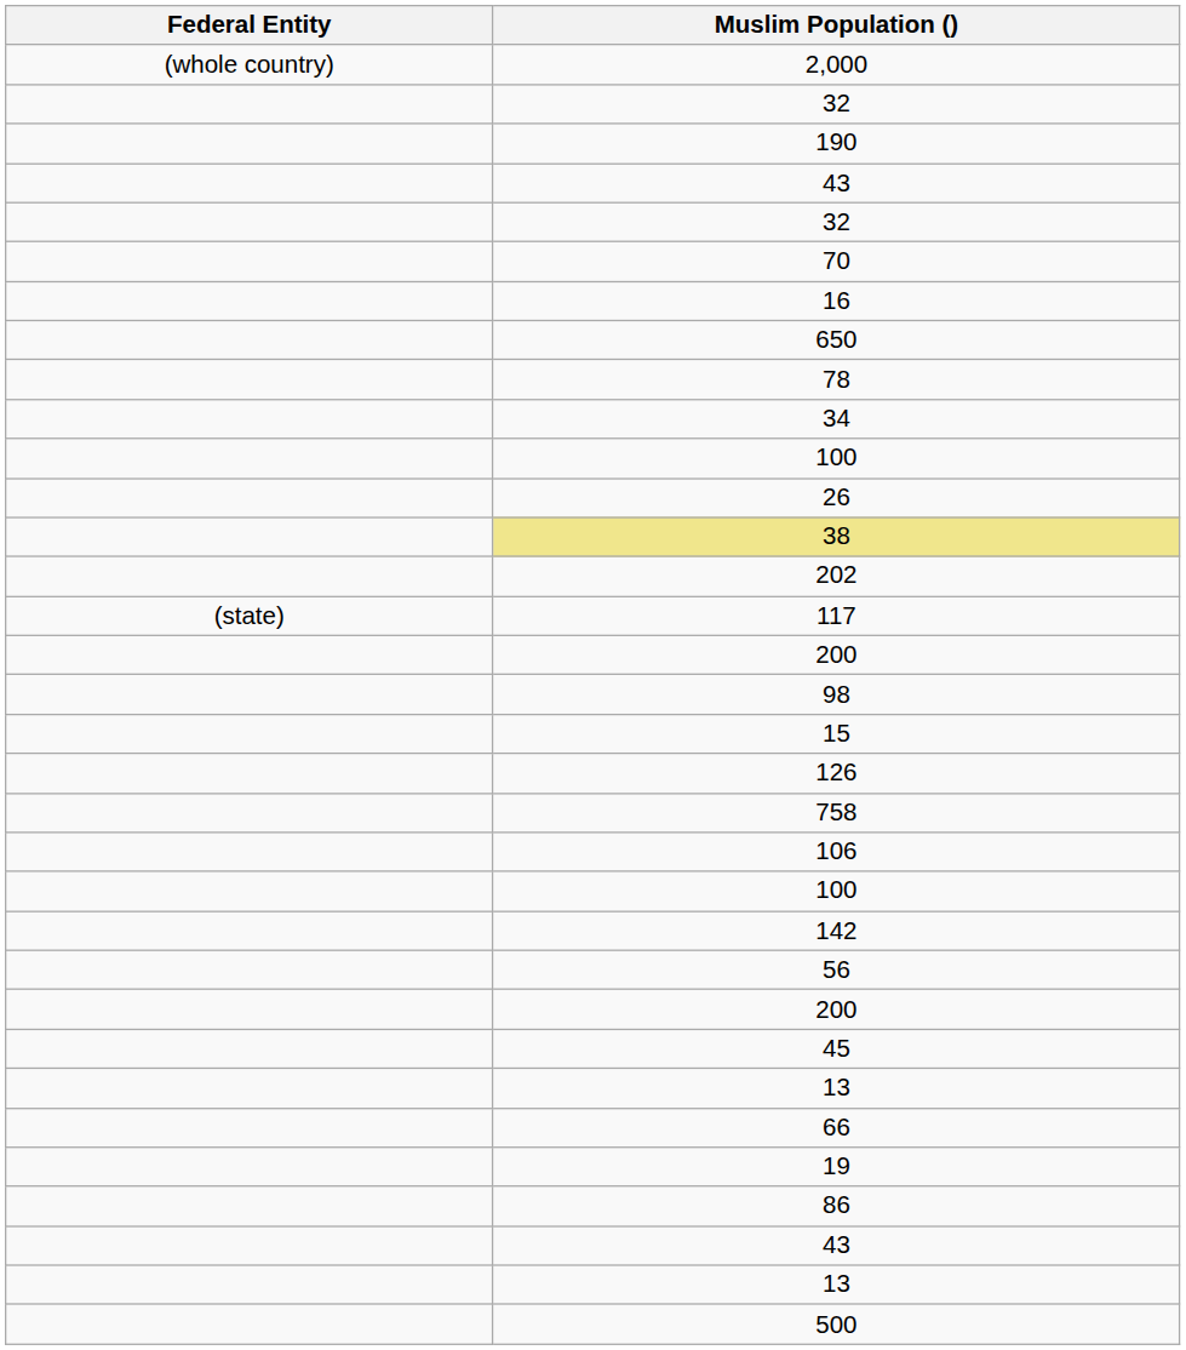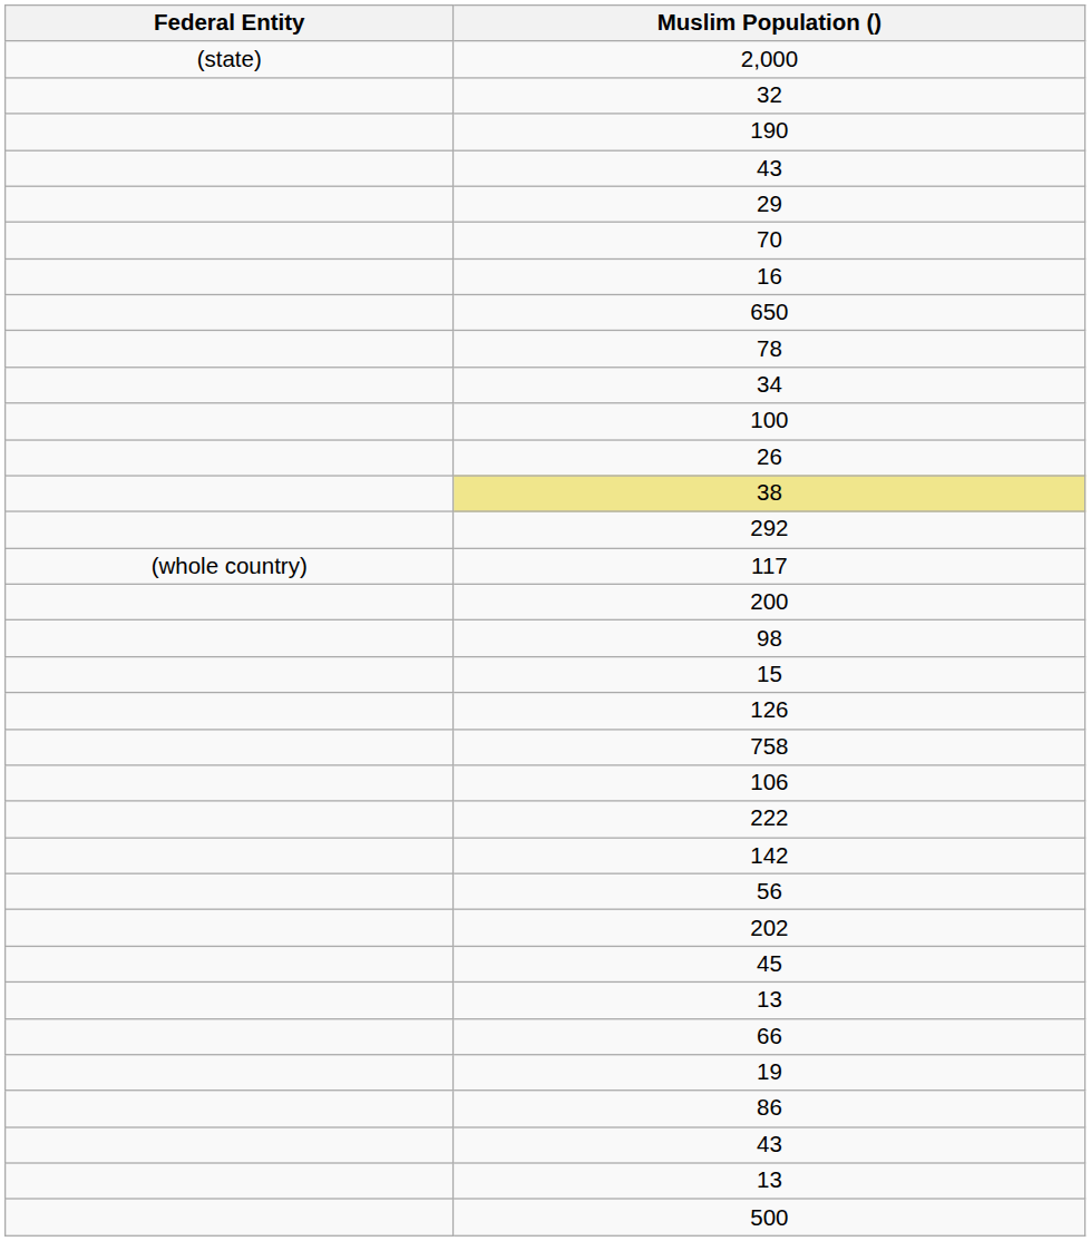 <table class="wikitable sortable" style="width:60%;">
 <tr>
 <th>Federal Entity</th>
 <th>Muslim Population ()</th>
 </tr>
 <tr>
-<td align=center> (whole country)</td>
+<td align=center> (state)</td>
 <td align=center>2,000</td>
 </tr>
 <tr>
 <td align=center></td>
 <td align=center>32</td>
 </tr>
 <tr>
 <td align=center></td>
 <td align=center>190</td>
 </tr>
 <tr>
 <td align=center></td>
 <td align=center>43</td>
 </tr>
 <tr>
 <td align=center></td>
-<td align=center>32</td>
+<td align=center>29</td>
 </tr>
 <tr>
 <td align=center></td>
 <td align=center>70</td>
 </tr>
 <tr>
 <td align=center></td>
 <td align=center>16</td>
 </tr>
 <tr>
 <td align=center></td>
 <td align=center>650</td>
 </tr>
 <tr>
 <td align=center></td>
 <td align=center>78</td>
 </tr>
 <tr>
 <td align=center></td>
 <td align=center>34</td>
 </tr>
 <tr>
 <td align=center></td>
 <td align=center>100</td>
 </tr>
 <tr>
 <td align=center></td>
 <td align=center>26</td>
 </tr>
 <tr>
 <td align=center></td>
 <td align=center style="background: khaki;">38</td>
 </tr>
 <tr>
 <td align=center></td>
-<td align=center>202</td>
+<td align=center>292</td>
 </tr>
 <tr>
-<td align=center> (state)</td>
+<td align=center> (whole country)</td>
 <td align=center>117</td>
 </tr>
 <tr>
 <td align=center></td>
 <td align=center>200</td>
 </tr>
 <tr>
 <td align=center></td>
 <td align=center>98</td>
 </tr>
 <tr>
 <td align=center></td>
 <td align=center>15</td>
 </tr>
 <tr>
 <td align=center></td>
 <td align=center>126</td>
 </tr>
 <tr>
 <td align=center></td>
 <td align=center>758</td>
 </tr>
 <tr>
 <td align=center></td>
 <td align=center>106</td>
 </tr>
 <tr>
 <td align=center></td>
-<td align=center>100</td>
+<td align=center>222</td>
 </tr>
 <tr>
 <td align=center></td>
 <td align=center>142</td>
 </tr>
 <tr>
 <td align=center></td>
 <td align=center>56</td>
 </tr>
 <tr>
 <td align=center></td>
-<td align=center>200</td>
+<td align=center>202</td>
 </tr>
 <tr>
 <td align=center></td>
 <td align=center>45</td>
 </tr>
 <tr>
 <td align=center></td>
 <td align=center>13</td>
 </tr>
 <tr>
 <td align=center></td>
 <td align=center>66</td>
 </tr>
 <tr>
 <td align=center></td>
 <td align=center>19</td>
 </tr>
 <tr>
 <td align=center></td>
 <td align=center>86</td>
 </tr>
 <tr>
 <td align=center></td>
 <td align=center>43</td>
 </tr>
 <tr>
 <td align=center></td>
 <td align=center>13</td>
 </tr>
 <tr>
 <td align=center></td>
 <td align=center>500</td>
 </tr>
 </table>
